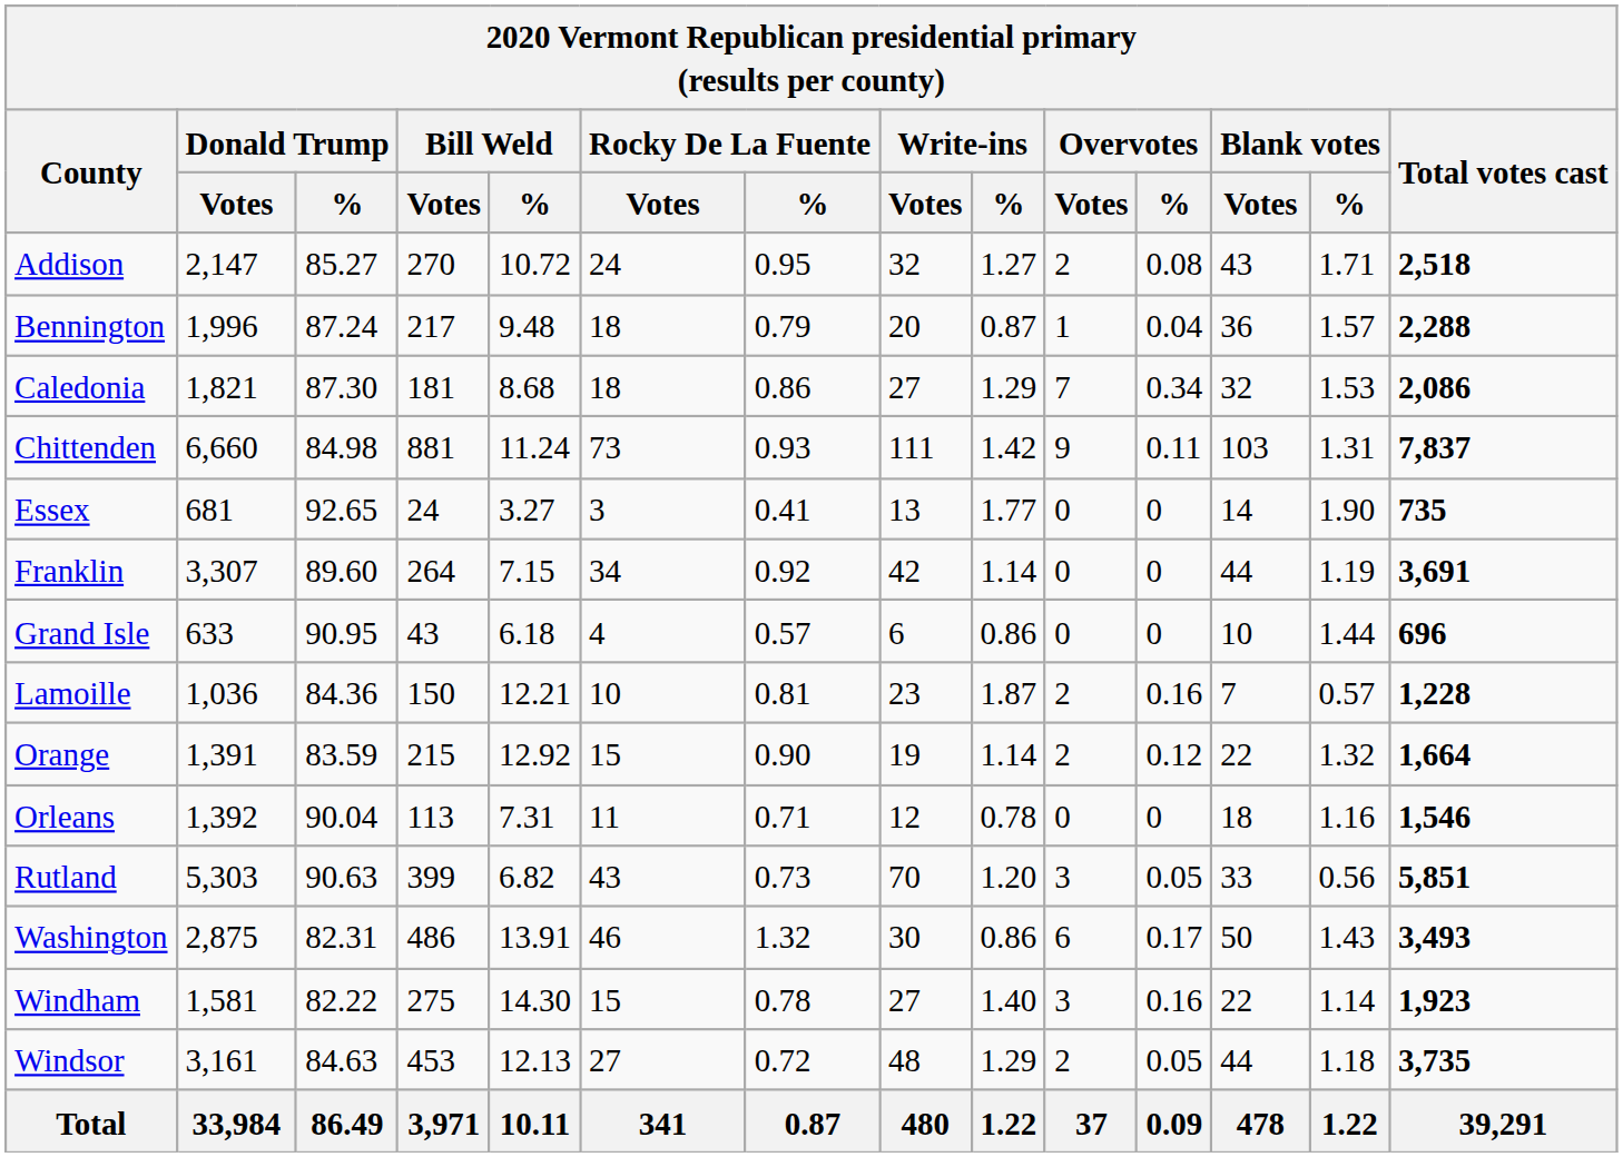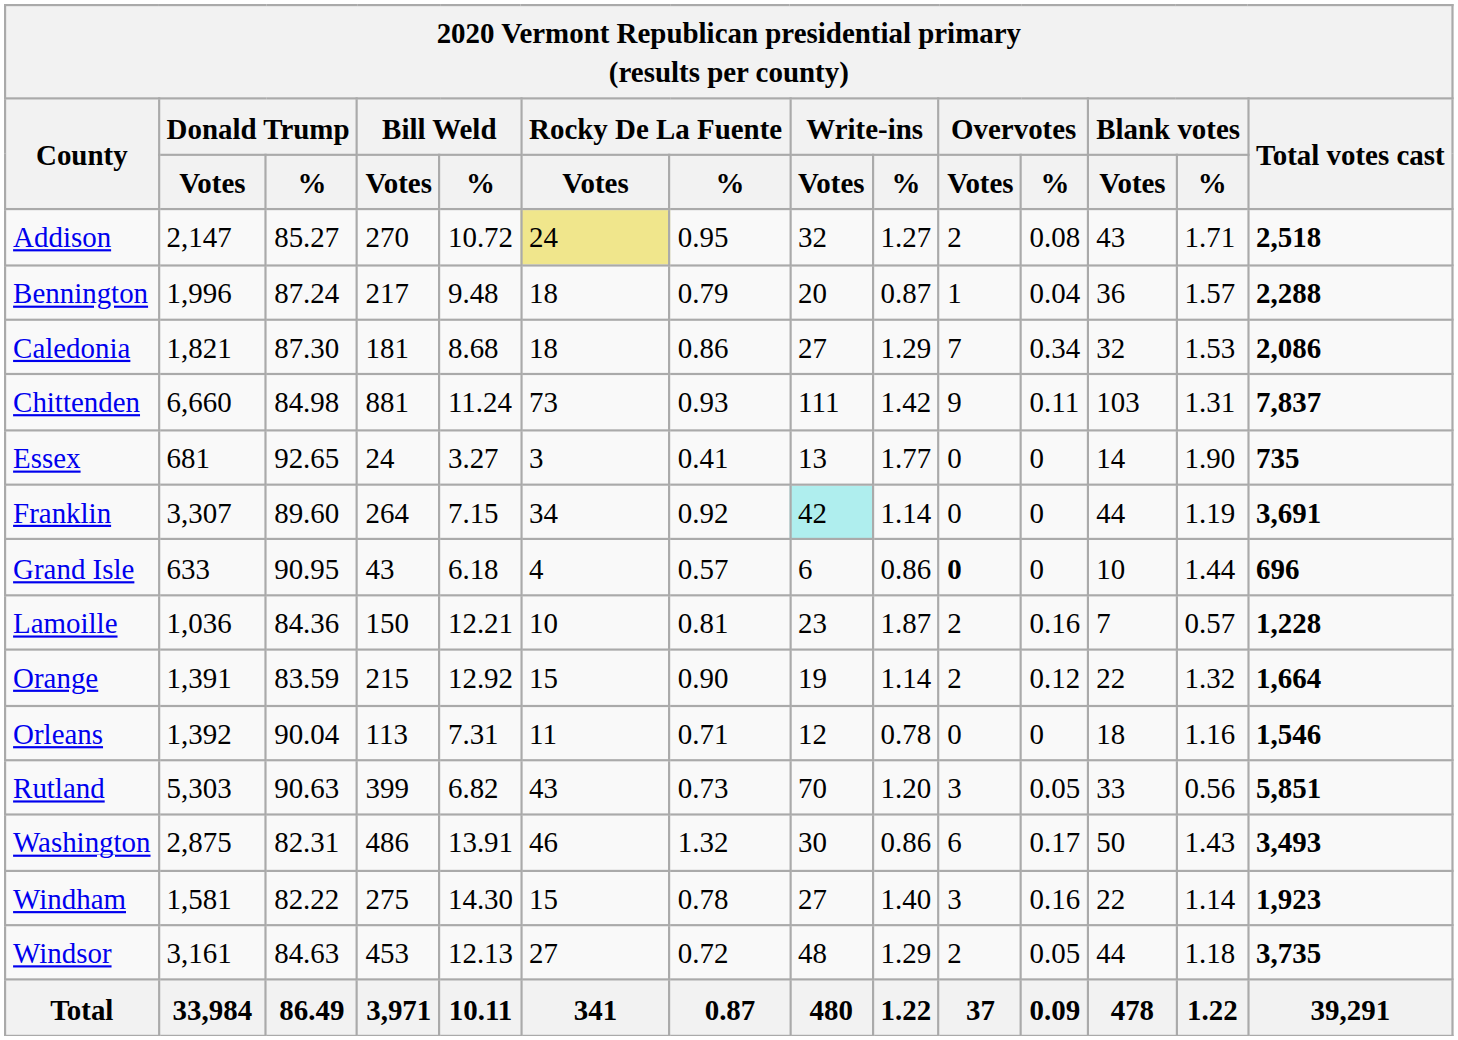 <table class="wikitable sortable mw-collapsible mw-collapsed">
 <tr>
 <th colspan="14"><small>2020 Vermont Republican presidential primary</small><br><small>(results per county)</small></th>
 </tr>
 <tr>
 <th rowspan="2"><small>County</small></th>
 <th colspan="2"><small>Donald Trump</small></th>
 <th colspan="2"><small>Bill Weld</small></th>
 <th colspan="2"><small>Rocky De La Fuente</small></th>
 <th colspan="2"><small>Write-ins</small></th>
 <th colspan="2"><small>Overvotes</small></th>
 <th colspan="2"><small>Blank votes</small></th>
 <th rowspan="2"><small>Total votes cast</small></th>
 </tr>
 <tr>
 <th><small>Votes</small></th>
 <th><small>%</small></th>
 <th><small>Votes</small></th>
 <th><small>%</small></th>
 <th><small>Votes</small></th>
 <th><small>%</small></th>
 <th><small>Votes</small></th>
 <th><small>%</small></th>
 <th><small>Votes</small></th>
 <th><small>%</small></th>
 <th><small>Votes</small></th>
 <th><small>%</small></th>
 </tr>
 <tr>
 <td><a href='#'><small>Addison</small></a></td>
 <td><small>2,147</small></td>
 <td><small>85.27</small></td>
 <td><small>270</small></td>
 <td><small>10.72</small></td>
-<td><small>24</small></td>
+<td style="background: khaki;"><small>24</small></td>
 <td><small>0.95</small></td>
 <td><small>32</small></td>
 <td><small>1.27</small></td>
 <td><small>2</small></td>
 <td><small>0.08</small></td>
 <td><small>43</small></td>
 <td><small>1.71</small></td>
 <td><small><strong>2,518</strong></small></td>
 </tr>
 <tr>
 <td><a href='#'><small>Bennington</small></a></td>
 <td><small>1,996</small></td>
 <td><small>87.24</small></td>
 <td><small>217</small></td>
 <td><small>9.48</small></td>
 <td><small>18</small></td>
 <td><small>0.79</small></td>
 <td><small>20</small></td>
 <td><small>0.87</small></td>
 <td><small>1</small></td>
 <td><small>0.04</small></td>
 <td><small>36</small></td>
 <td><small>1.57</small></td>
 <td><small><strong>2,288</strong></small></td>
 </tr>
 <tr>
 <td><a href='#'><small>Caledonia</small></a></td>
 <td><small>1,821</small></td>
 <td><small>87.30</small></td>
 <td><small>181</small></td>
 <td><small>8.68</small></td>
 <td><small>18</small></td>
 <td><small>0.86</small></td>
 <td><small>27</small></td>
 <td><small>1.29</small></td>
 <td><small>7</small></td>
 <td><small>0.34</small></td>
 <td><small>32</small></td>
 <td><small>1.53</small></td>
 <td><small><strong>2,086</strong></small></td>
 </tr>
 <tr>
 <td><a href='#'><small>Chittenden</small></a></td>
 <td><small>6,660</small></td>
 <td><small>84.98</small></td>
 <td><small>881</small></td>
 <td><small>11.24</small></td>
 <td><small>73</small></td>
 <td><small>0.93</small></td>
 <td><small>111</small></td>
 <td><small>1.42</small></td>
 <td><small>9</small></td>
 <td><small>0.11</small></td>
 <td><small>103</small></td>
 <td><small>1.31</small></td>
 <td><small><strong>7,837</strong></small></td>
 </tr>
 <tr>
 <td><a href='#'><small>Essex</small></a></td>
 <td><small>681</small></td>
 <td><small>92.65</small></td>
 <td><small>24</small></td>
 <td><small>3.27</small></td>
 <td><small>3</small></td>
 <td><small>0.41</small></td>
 <td><small>13</small></td>
 <td><small>1.77</small></td>
 <td><small>0</small></td>
 <td><small>0</small></td>
 <td><small>14</small></td>
 <td><small>1.90</small></td>
 <td><small><strong>735</strong></small></td>
 </tr>
 <tr>
 <td><a href='#'><small>Franklin</small></a></td>
 <td><small>3,307</small></td>
 <td><small>89.60</small></td>
 <td><small>264</small></td>
 <td><small>7.15</small></td>
 <td><small>34</small></td>
 <td><small>0.92</small></td>
-<td><small>42</small></td>
+<td style="background: paleturquoise;"><small>42</small></td>
 <td><small>1.14</small></td>
 <td><small>0</small></td>
 <td><small>0</small></td>
 <td><small>44</small></td>
 <td><small>1.19</small></td>
 <td><small><strong>3,691</strong></small></td>
 </tr>
 <tr>
 <td><a href='#'><small>Grand Isle</small></a></td>
 <td><small>633</small></td>
 <td><small>90.95</small></td>
 <td><small>43</small></td>
 <td><small>6.18</small></td>
 <td><small>4</small></td>
 <td><small>0.57</small></td>
 <td><small>6</small></td>
 <td><small>0.86</small></td>
-<td><small>0</small></td>
+<td><strong><small>0</small></strong></td>
 <td><small>0</small></td>
 <td><small>10</small></td>
 <td><small>1.44</small></td>
 <td><small><strong>696</strong></small></td>
 </tr>
 <tr>
 <td><a href='#'><small>Lamoille</small></a></td>
 <td><small>1,036</small></td>
 <td><small>84.36</small></td>
 <td><small>150</small></td>
 <td><small>12.21</small></td>
 <td><small>10</small></td>
 <td><small>0.81</small></td>
 <td><small>23</small></td>
 <td><small>1.87</small></td>
 <td><small>2</small></td>
 <td><small>0.16</small></td>
 <td><small>7</small></td>
 <td><small>0.57</small></td>
 <td><small><strong>1,228</strong></small></td>
 </tr>
 <tr>
 <td><a href='#'><small>Orange</small></a></td>
 <td><small>1,391</small></td>
 <td><small>83.59</small></td>
 <td><small>215</small></td>
 <td><small>12.92</small></td>
 <td><small>15</small></td>
 <td><small>0.90</small></td>
 <td><small>19</small></td>
 <td><small>1.14</small></td>
 <td><small>2</small></td>
 <td><small>0.12</small></td>
 <td><small>22</small></td>
 <td><small>1.32</small></td>
 <td><small><strong>1,664</strong></small></td>
 </tr>
 <tr>
 <td><a href='#'><small>Orleans</small></a></td>
 <td><small>1,392</small></td>
 <td><small>90.04</small></td>
 <td><small>113</small></td>
 <td><small>7.31</small></td>
 <td><small>11</small></td>
 <td><small>0.71</small></td>
 <td><small>12</small></td>
 <td><small>0.78</small></td>
 <td><small>0</small></td>
 <td><small>0</small></td>
 <td><small>18</small></td>
 <td><small>1.16</small></td>
 <td><small><strong>1,546</strong></small></td>
 </tr>
 <tr>
 <td><a href='#'><small>Rutland</small></a></td>
 <td><small>5,303</small></td>
 <td><small>90.63</small></td>
 <td><small>399</small></td>
 <td><small>6.82</small></td>
 <td><small>43</small></td>
 <td><small>0.73</small></td>
 <td><small>70</small></td>
 <td><small>1.20</small></td>
 <td><small>3</small></td>
 <td><small>0.05</small></td>
 <td><small>33</small></td>
 <td><small>0.56</small></td>
 <td><small><strong>5,851</strong></small></td>
 </tr>
 <tr>
 <td><a href='#'><small>Washington</small></a></td>
 <td><small>2,875</small></td>
 <td><small>82.31</small></td>
 <td><small>486</small></td>
 <td><small>13.91</small></td>
 <td><small>46</small></td>
 <td><small>1.32</small></td>
 <td><small>30</small></td>
 <td><small>0.86</small></td>
 <td><small>6</small></td>
 <td><small>0.17</small></td>
 <td><small>50</small></td>
 <td><small>1.43</small></td>
 <td><small><strong>3,493</strong></small></td>
 </tr>
 <tr>
 <td><a href='#'><small>Windham</small></a></td>
 <td><small>1,581</small></td>
 <td><small>82.22</small></td>
 <td><small>275</small></td>
 <td><small>14.30</small></td>
 <td><small>15</small></td>
 <td><small>0.78</small></td>
 <td><small>27</small></td>
 <td><small>1.40</small></td>
 <td><small>3</small></td>
 <td><small>0.16</small></td>
 <td><small>22</small></td>
 <td><small>1.14</small></td>
 <td><small><strong>1,923</strong></small></td>
 </tr>
 <tr>
 <td><a href='#'><small>Windsor</small></a></td>
 <td><small>3,161</small></td>
 <td><small>84.63</small></td>
 <td><small>453</small></td>
 <td><small>12.13</small></td>
 <td><small>27</small></td>
 <td><small>0.72</small></td>
 <td><small>48</small></td>
 <td><small>1.29</small></td>
 <td><small>2</small></td>
 <td><small>0.05</small></td>
 <td><small>44</small></td>
 <td><small>1.18</small></td>
 <td><small><strong>3,735</strong></small></td>
 </tr>
 <tr>
 <th><strong><small>Total</small></strong></th>
 <th><small>33,984</small></th>
 <th><small>86.49</small></th>
 <th><small>3,971</small></th>
 <th><small>10.11</small></th>
 <th><small>341</small></th>
 <th><small>0.87</small></th>
 <th><small>480</small></th>
 <th><small>1.22</small></th>
 <th><small>37</small></th>
 <th><small>0.09</small></th>
 <th><small>478</small></th>
 <th><small>1.22</small></th>
 <th><small><strong>39,291</strong></small></th>
 </tr>
 </table>
